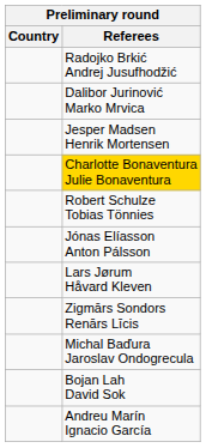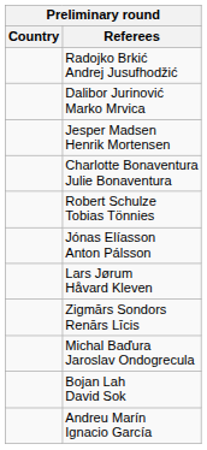 <table class="wikitable">
 <tr>
 <th colspan="3">Preliminary round</th>
 </tr>
 <tr>
 <th>Country</th>
 <th>Referees</th>
 </tr>
 <tr>
 <td></td>
 <td>Radojko Brkić<br>Andrej Jusufhodžić</td>
 </tr>
 <tr>
 <td></td>
 <td>Dalibor Jurinović<br>Marko Mrvica</td>
 </tr>
 <tr>
 <td></td>
 <td>Jesper Madsen<br>Henrik Mortensen</td>
 </tr>
 <tr>
 <td></td>
-<td style="background: gold;">Charlotte Bonaventura<br>Julie Bonaventura</td>
+<td>Charlotte Bonaventura<br>Julie Bonaventura</td>
 </tr>
 <tr>
 <td></td>
 <td>Robert Schulze<br>Tobias Tönnies</td>
 </tr>
 <tr>
 <td></td>
 <td>Jónas Elíasson<br>Anton Pálsson</td>
 </tr>
 <tr>
 <td></td>
 <td>Lars Jørum<br>Håvard Kleven</td>
 </tr>
 <tr>
 <td></td>
 <td>Zigmārs Sondors<br>Renārs Līcis</td>
 </tr>
 <tr>
 <td></td>
 <td>Michal Baďura<br>Jaroslav Ondogrecula</td>
 </tr>
 <tr>
 <td></td>
 <td>Bojan Lah<br>David Sok</td>
 </tr>
 <tr>
 <td></td>
 <td>Andreu Marín<br>Ignacio García</td>
 </tr>
 </table>
